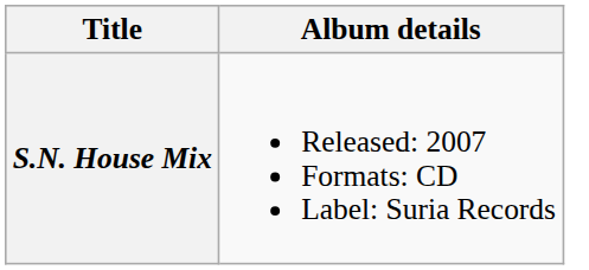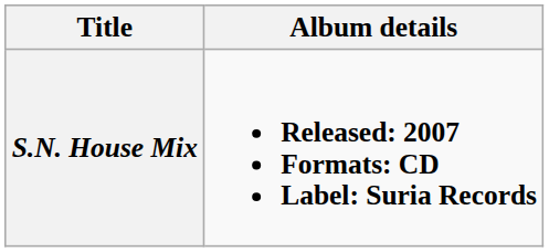 <table class="wikitable plainrowheaders">
 <tr>
 <th>Title</th>
 <th>Album details</th>
 </tr>
 <tr>
 <th scope="row"><em>S.N. House Mix</em></th>
-<td><br><ul><li>Released: 2007</li><li>Formats: CD</li><li>Label: Suria Records</li></ul></td>
+<td><strong><br><ul><li>Released: 2007</li><li>Formats: CD</li><li>Label: Suria Records</li></ul></strong></td>
 </tr>
 </table>
